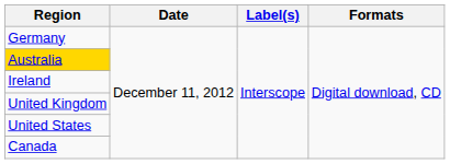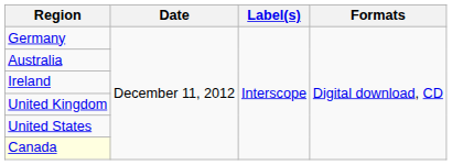 <table class="wikitable">
 <tr>
 <th>Region</th>
 <th>Date</th>
 <th><a href='#'>Label(s)</a></th>
 <th>Formats</th>
 </tr>
 <tr>
 <td><a href='#'>Germany</a></td>
 <td rowspan="6">December 11, 2012</td>
 <td rowspan="6"><a href='#'>Interscope</a></td>
 <td rowspan="6"><a href='#'>Digital download</a>, <a href='#'>CD</a></td>
 </tr>
 <tr>
-<td style="background: gold;"><a href='#'>Australia</a></td>
+<td><a href='#'>Australia</a></td>
 </tr>
 <tr>
 <td><a href='#'>Ireland</a></td>
 </tr>
 <tr>
 <td><a href='#'>United Kingdom</a></td>
 </tr>
 <tr>
 <td><a href='#'>United States</a></td>
 </tr>
 <tr>
-<td><a href='#'>Canada</a></td>
+<td style="background: lightyellow;"><a href='#'>Canada</a></td>
 </tr>
 </table>
